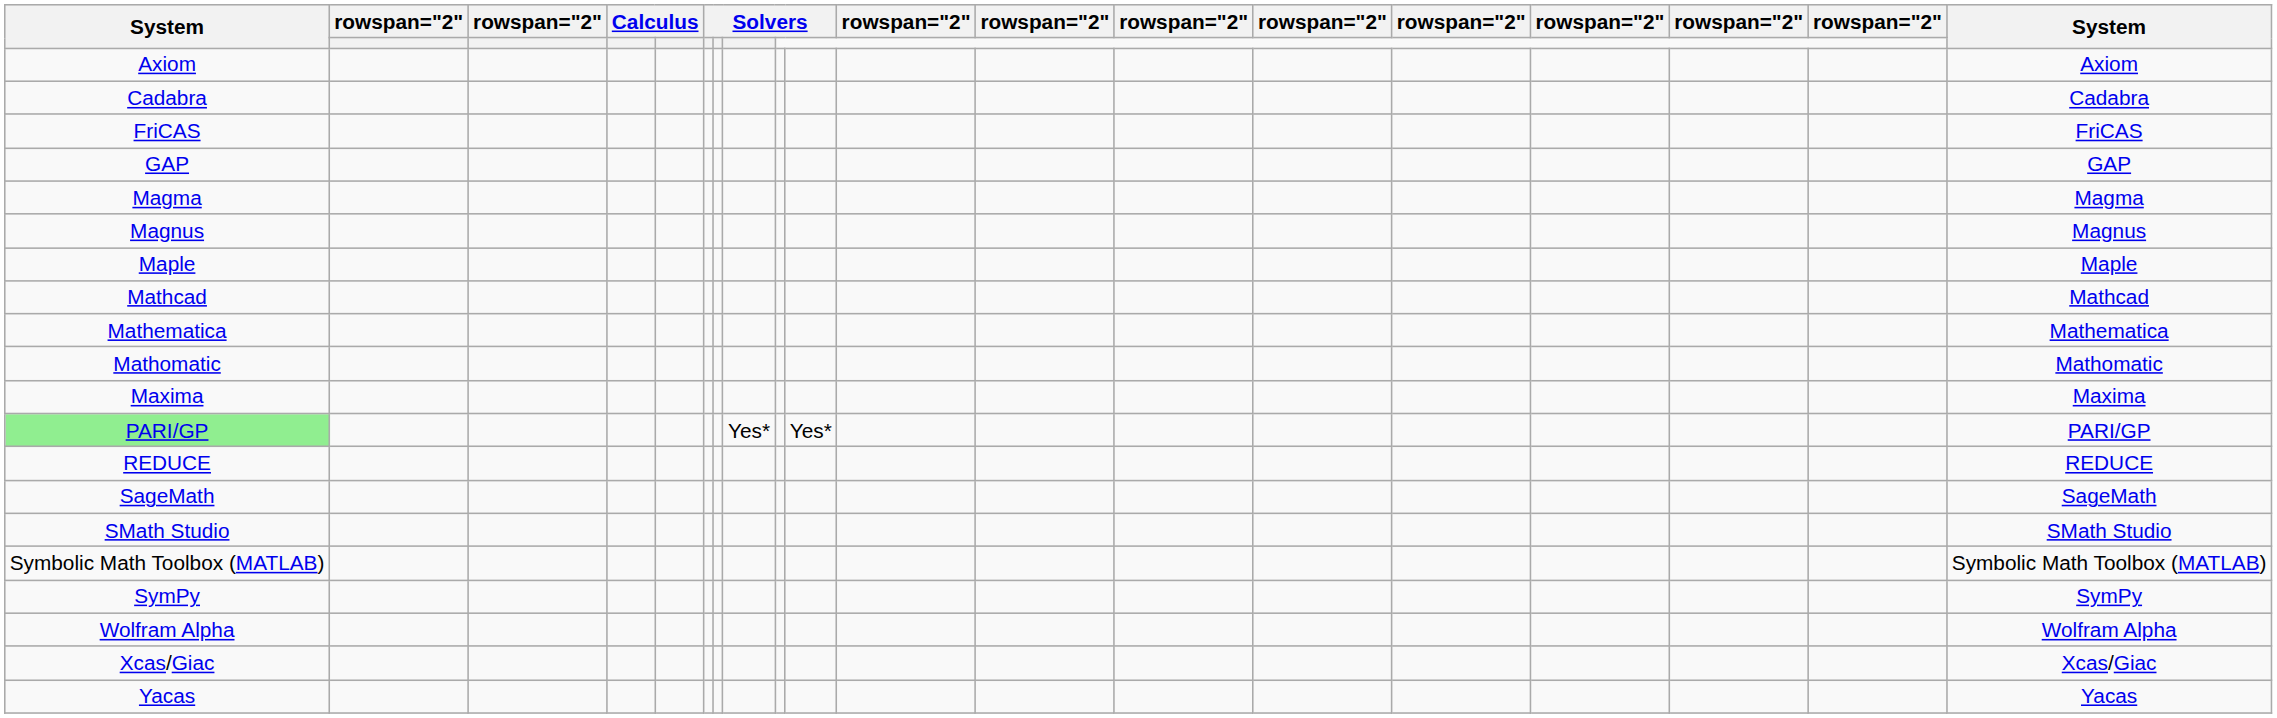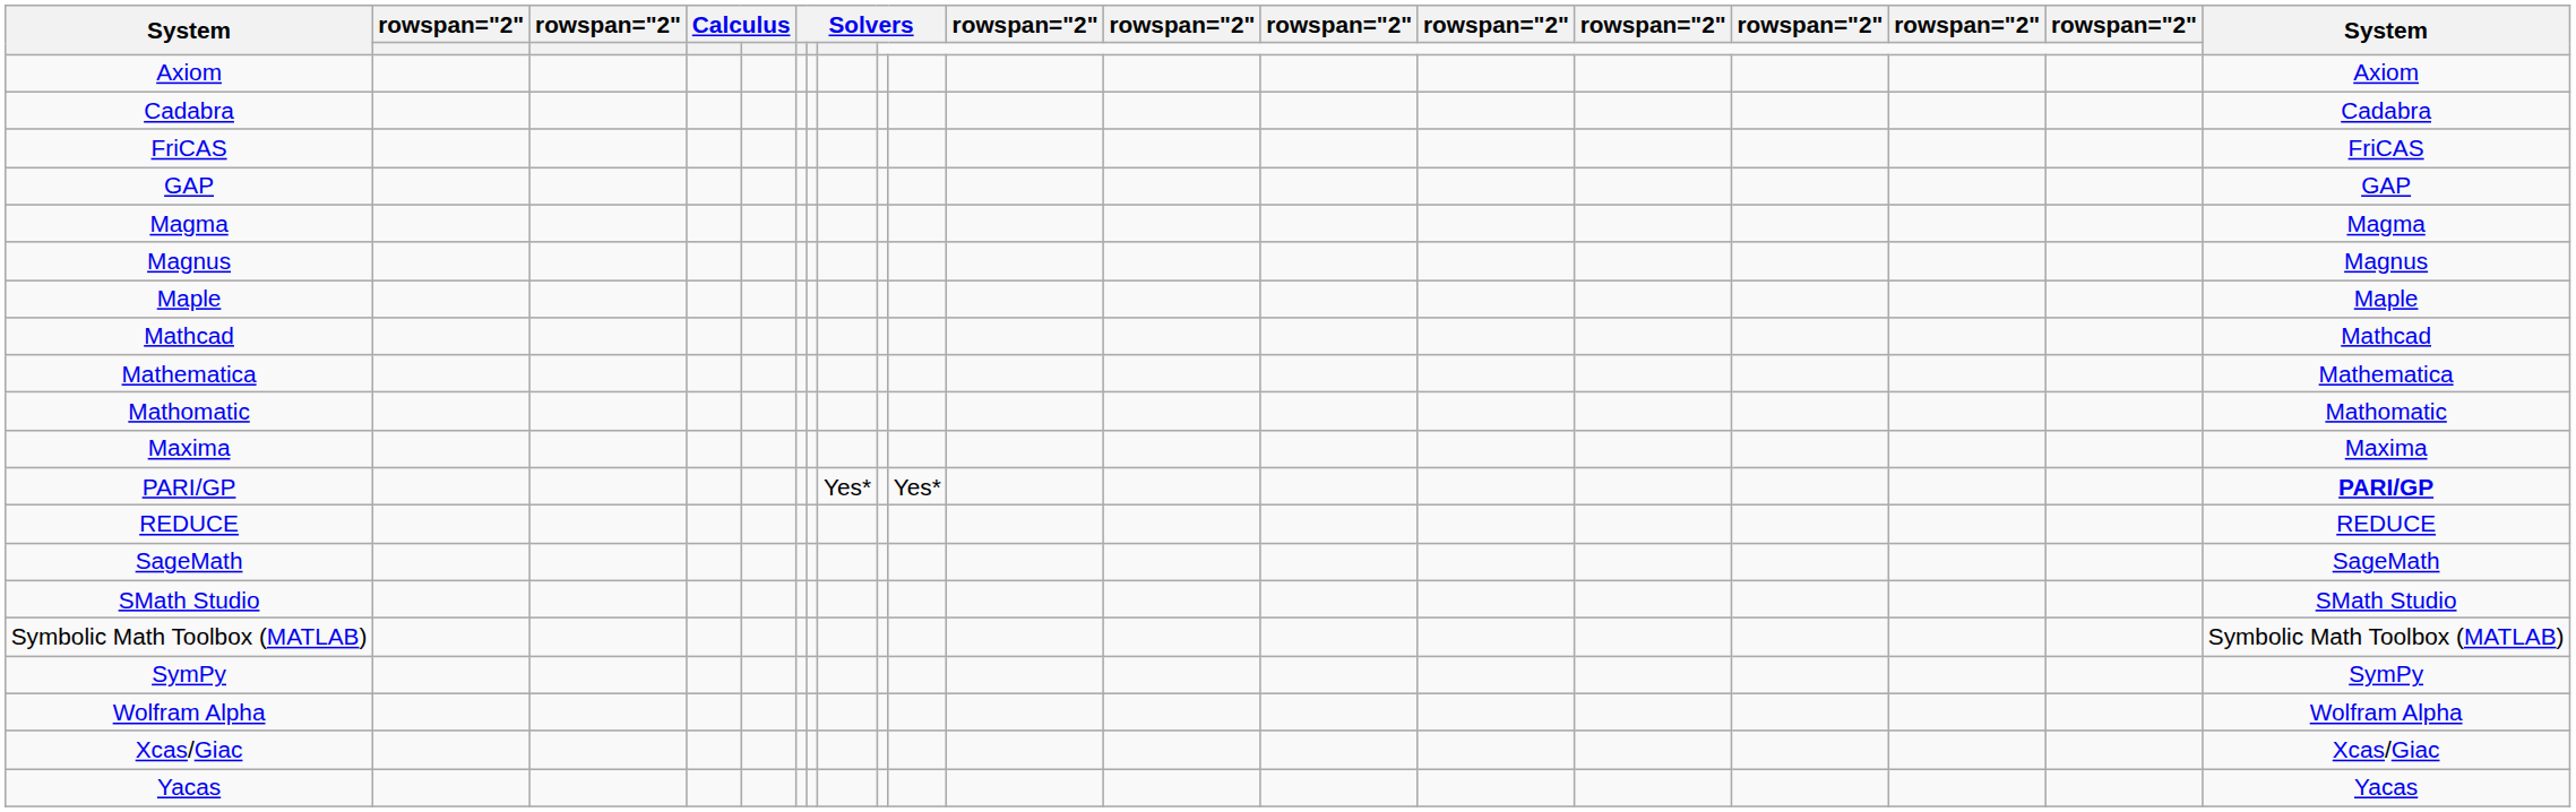 <table class="wikitable" style="font-size: smaller; text-align: center; width: auto;" class="wikitable sortable">
 <tr>
 <th rowspan="2">System</th>
 <th>rowspan="2" </th>
 <th>rowspan="2" </th>
 <th colspan="2"><a href='#'>Calculus</a></th>
 <th colspan="5"><a href='#'>Solvers</a></th>
 <th>rowspan="2" </th>
 <th>rowspan="2" </th>
 <th>rowspan="2" </th>
 <th>rowspan="2" </th>
 <th>rowspan="2" </th>
 <th>rowspan="2" </th>
 <th>rowspan="2" </th>
 <th>rowspan="2" </th>
 <th rowspan="2">System</th>
 </tr>
 <tr>
 <th></th>
 <th></th>
 <th></th>
 <th></th>
 <th></th>
 <th></th>
 <th></th>
 </tr>
 <tr>
 <td><a href='#'>Axiom</a></td>
 <td></td>
 <td></td>
 <td></td>
 <td></td>
 <td></td>
 <td></td>
 <td></td>
 <td></td>
 <td></td>
 <td></td>
 <td></td>
 <td></td>
 <td></td>
 <td></td>
 <td></td>
 <td></td>
 <td></td>
 <td><a href='#'>Axiom</a></td>
 </tr>
 <tr>
 <td><a href='#'>Cadabra</a></td>
 <td></td>
 <td></td>
 <td></td>
 <td></td>
 <td></td>
 <td></td>
 <td></td>
 <td></td>
 <td></td>
 <td></td>
 <td></td>
 <td></td>
 <td></td>
 <td></td>
 <td></td>
 <td></td>
 <td></td>
 <td><a href='#'>Cadabra</a></td>
 </tr>
 <tr>
 <td><a href='#'>FriCAS</a></td>
 <td></td>
 <td></td>
 <td></td>
 <td></td>
 <td></td>
 <td></td>
 <td></td>
 <td></td>
 <td></td>
 <td></td>
 <td></td>
 <td></td>
 <td></td>
 <td></td>
 <td></td>
 <td></td>
 <td></td>
 <td><a href='#'>FriCAS</a></td>
 </tr>
 <tr>
 <td><a href='#'>GAP</a></td>
 <td></td>
 <td></td>
 <td></td>
 <td></td>
 <td></td>
 <td></td>
 <td></td>
 <td></td>
 <td></td>
 <td></td>
 <td></td>
 <td></td>
 <td></td>
 <td></td>
 <td></td>
 <td></td>
 <td></td>
 <td><a href='#'>GAP</a></td>
 </tr>
 <tr>
 <td><a href='#'>Magma</a></td>
 <td></td>
 <td></td>
 <td></td>
 <td></td>
 <td></td>
 <td></td>
 <td></td>
 <td></td>
 <td></td>
 <td></td>
 <td></td>
 <td></td>
 <td></td>
 <td></td>
 <td></td>
 <td></td>
 <td></td>
 <td><a href='#'>Magma</a></td>
 </tr>
 <tr>
 <td><a href='#'>Magnus</a></td>
 <td></td>
 <td></td>
 <td></td>
 <td></td>
 <td></td>
 <td></td>
 <td></td>
 <td></td>
 <td></td>
 <td></td>
 <td></td>
 <td></td>
 <td></td>
 <td></td>
 <td></td>
 <td></td>
 <td></td>
 <td><a href='#'>Magnus</a></td>
 </tr>
 <tr>
 <td><a href='#'>Maple</a></td>
 <td></td>
 <td></td>
 <td></td>
 <td></td>
 <td></td>
 <td></td>
 <td></td>
 <td></td>
 <td></td>
 <td></td>
 <td></td>
 <td></td>
 <td></td>
 <td></td>
 <td></td>
 <td></td>
 <td></td>
 <td><a href='#'>Maple</a></td>
 </tr>
 <tr>
 <td><a href='#'>Mathcad</a></td>
 <td></td>
 <td></td>
 <td></td>
 <td></td>
 <td></td>
 <td></td>
 <td></td>
 <td></td>
 <td></td>
 <td></td>
 <td></td>
 <td></td>
 <td></td>
 <td></td>
 <td></td>
 <td></td>
 <td></td>
 <td><a href='#'>Mathcad</a></td>
 </tr>
 <tr>
 <td><a href='#'>Mathematica</a></td>
 <td></td>
 <td></td>
 <td></td>
 <td></td>
 <td></td>
 <td></td>
 <td></td>
 <td></td>
 <td></td>
 <td></td>
 <td></td>
 <td></td>
 <td></td>
 <td></td>
 <td></td>
 <td></td>
 <td></td>
 <td><a href='#'>Mathematica</a></td>
 </tr>
 <tr>
 <td><a href='#'>Mathomatic</a></td>
 <td></td>
 <td></td>
 <td></td>
 <td></td>
 <td></td>
 <td></td>
 <td></td>
 <td></td>
 <td></td>
 <td></td>
 <td></td>
 <td></td>
 <td></td>
 <td></td>
 <td></td>
 <td></td>
 <td></td>
 <td><a href='#'>Mathomatic</a></td>
 </tr>
 <tr>
 <td><a href='#'>Maxima</a></td>
 <td></td>
 <td></td>
 <td></td>
 <td></td>
 <td></td>
 <td></td>
 <td></td>
 <td></td>
 <td></td>
 <td></td>
 <td></td>
 <td></td>
 <td></td>
 <td></td>
 <td></td>
 <td></td>
 <td></td>
 <td><a href='#'>Maxima</a></td>
 </tr>
 <tr>
-<td style="background: lightgreen;"><a href='#'>PARI/GP</a></td>
+<td><a href='#'>PARI/GP</a></td>
 <td></td>
 <td></td>
 <td></td>
 <td></td>
 <td></td>
 <td></td>
 <td>Yes*</td>
 <td></td>
 <td>Yes*</td>
 <td></td>
 <td></td>
 <td></td>
 <td></td>
 <td></td>
 <td></td>
 <td></td>
 <td></td>
-<td><a href='#'>PARI/GP</a></td>
+<td><strong><a href='#'>PARI/GP</a></strong></td>
 </tr>
 <tr>
 <td><a href='#'>REDUCE</a></td>
 <td></td>
 <td></td>
 <td></td>
 <td></td>
 <td></td>
 <td></td>
 <td></td>
 <td></td>
 <td></td>
 <td></td>
 <td></td>
 <td></td>
 <td></td>
 <td></td>
 <td></td>
 <td></td>
 <td></td>
 <td><a href='#'>REDUCE</a></td>
 </tr>
 <tr>
 <td><a href='#'>SageMath</a></td>
 <td></td>
 <td></td>
 <td></td>
 <td></td>
 <td></td>
 <td></td>
 <td></td>
 <td></td>
 <td></td>
 <td></td>
 <td></td>
 <td></td>
 <td></td>
 <td></td>
 <td></td>
 <td></td>
 <td></td>
 <td><a href='#'>SageMath</a></td>
 </tr>
 <tr>
 <td><a href='#'>SMath Studio</a></td>
 <td></td>
 <td></td>
 <td></td>
 <td></td>
 <td></td>
 <td></td>
 <td></td>
 <td></td>
 <td></td>
 <td></td>
 <td></td>
 <td></td>
 <td></td>
 <td></td>
 <td></td>
 <td></td>
 <td></td>
 <td><a href='#'>SMath Studio</a></td>
 </tr>
 <tr>
 <td>Symbolic Math Toolbox (<a href='#'>MATLAB</a>)</td>
 <td></td>
 <td></td>
 <td></td>
 <td></td>
 <td></td>
 <td></td>
 <td></td>
 <td></td>
 <td></td>
 <td></td>
 <td></td>
 <td></td>
 <td></td>
 <td></td>
 <td></td>
 <td></td>
 <td></td>
 <td>Symbolic Math Toolbox (<a href='#'>MATLAB</a>)</td>
 </tr>
 <tr>
 <td><a href='#'>SymPy</a></td>
 <td></td>
 <td></td>
 <td></td>
 <td></td>
 <td></td>
 <td></td>
 <td></td>
 <td></td>
 <td></td>
 <td></td>
 <td></td>
 <td></td>
 <td></td>
 <td></td>
 <td></td>
 <td></td>
 <td></td>
 <td><a href='#'>SymPy</a></td>
 </tr>
 <tr>
 <td><a href='#'>Wolfram Alpha</a></td>
 <td></td>
 <td></td>
 <td></td>
 <td></td>
 <td></td>
 <td></td>
 <td></td>
 <td></td>
 <td></td>
 <td></td>
 <td></td>
 <td></td>
 <td></td>
 <td></td>
 <td></td>
 <td></td>
 <td></td>
 <td><a href='#'>Wolfram Alpha</a></td>
 </tr>
 <tr>
 <td><a href='#'>Xcas</a>/<a href='#'>Giac</a></td>
 <td></td>
 <td></td>
 <td></td>
 <td></td>
 <td></td>
 <td></td>
 <td></td>
 <td></td>
 <td></td>
 <td></td>
 <td></td>
 <td></td>
 <td></td>
 <td></td>
 <td></td>
 <td></td>
 <td></td>
 <td><a href='#'>Xcas</a>/<a href='#'>Giac</a></td>
 </tr>
 <tr>
 <td><a href='#'>Yacas</a></td>
 <td></td>
 <td></td>
 <td></td>
 <td></td>
 <td></td>
 <td></td>
 <td></td>
 <td></td>
 <td></td>
 <td></td>
 <td></td>
 <td></td>
 <td></td>
 <td></td>
 <td></td>
 <td></td>
 <td></td>
 <td><a href='#'>Yacas</a></td>
 </tr>
 </table>
